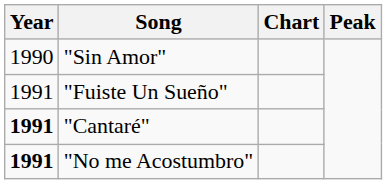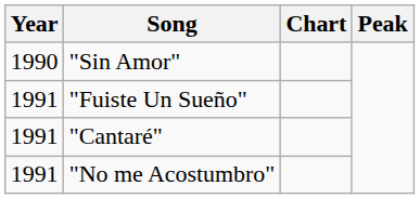 <table class="wikitable">
 <tr>
 <th>Year</th>
 <th>Song</th>
 <th>Chart</th>
 <th>Peak</th>
 </tr>
 <tr>
 <td>1990</td>
 <td>"Sin Amor"</td>
 <td></td>
 </tr>
 <tr>
 <td>1991</td>
 <td>"Fuiste Un Sueño"</td>
 <td></td>
 </tr>
 <tr>
-<td><strong>1991</strong></td>
+<td>1991</td>
 <td>"Cantaré"</td>
 <td></td>
 </tr>
 <tr>
-<td><strong>1991</strong></td>
+<td>1991</td>
 <td>"No me Acostumbro"</td>
 <td></td>
 </tr>
 </table>
